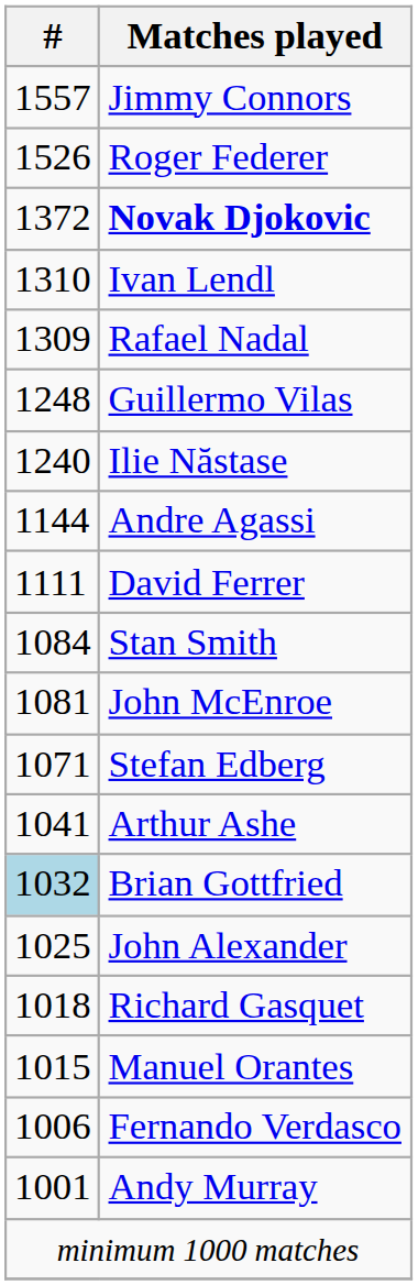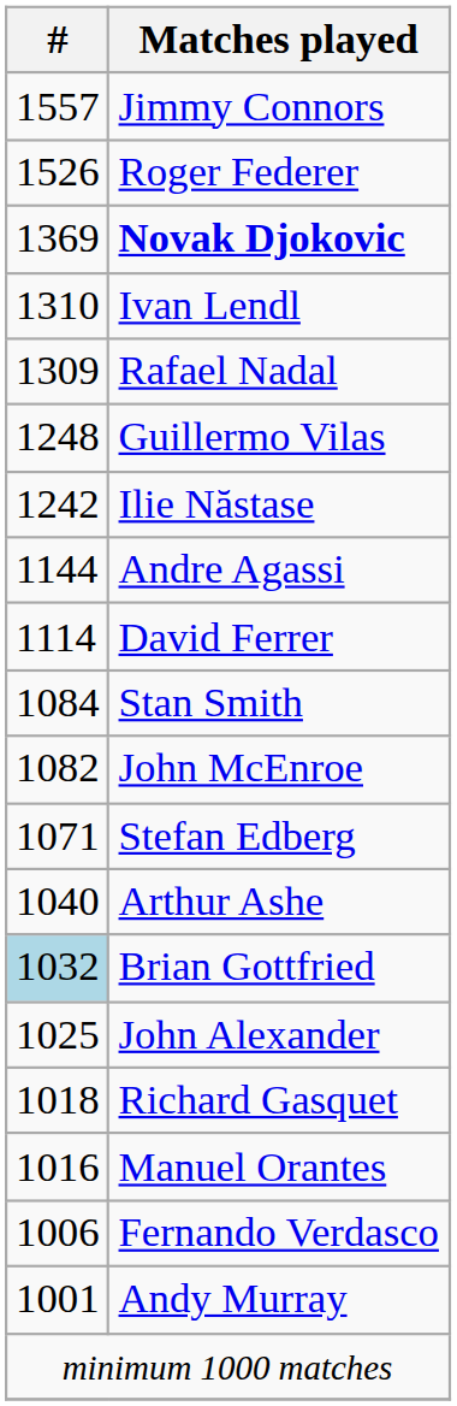 <table class="wikitable" style="display:inline-table;">
 <tr>
 <th>#</th>
 <th>Matches played</th>
 </tr>
 <tr>
 <td>1557</td>
 <td> <a href='#'>Jimmy Connors</a></td>
 </tr>
 <tr>
 <td>1526</td>
 <td> <a href='#'>Roger Federer</a></td>
 </tr>
 <tr>
-<td>1372</td>
+<td>1369</td>
 <td> <strong><a href='#'>Novak Djokovic</a></strong></td>
 </tr>
 <tr>
 <td>1310</td>
 <td> <a href='#'>Ivan Lendl</a></td>
 </tr>
 <tr>
 <td>1309</td>
 <td> <a href='#'>Rafael Nadal</a></td>
 </tr>
 <tr>
 <td>1248</td>
 <td> <a href='#'>Guillermo Vilas</a></td>
 </tr>
 <tr>
-<td>1240</td>
+<td>1242</td>
 <td> <a href='#'>Ilie Năstase</a></td>
 </tr>
 <tr>
 <td>1144</td>
 <td> <a href='#'>Andre Agassi</a></td>
 </tr>
 <tr>
-<td>1111</td>
+<td>1114</td>
 <td> <a href='#'>David Ferrer</a></td>
 </tr>
 <tr>
 <td>1084</td>
 <td> <a href='#'>Stan Smith</a></td>
 </tr>
 <tr>
-<td>1081</td>
+<td>1082</td>
 <td> <a href='#'>John McEnroe</a></td>
 </tr>
 <tr>
 <td>1071</td>
 <td> <a href='#'>Stefan Edberg</a></td>
 </tr>
 <tr>
-<td>1041</td>
+<td>1040</td>
 <td> <a href='#'>Arthur Ashe</a></td>
 </tr>
 <tr>
 <td style="background: lightblue;">1032</td>
 <td> <a href='#'>Brian Gottfried</a></td>
 </tr>
 <tr>
 <td>1025</td>
 <td> <a href='#'>John Alexander</a></td>
 </tr>
 <tr>
 <td>1018</td>
 <td> <a href='#'>Richard Gasquet</a></td>
 </tr>
 <tr>
-<td>1015</td>
+<td>1016</td>
 <td> <a href='#'>Manuel Orantes</a></td>
 </tr>
 <tr>
 <td>1006</td>
 <td> <a href='#'>Fernando Verdasco</a></td>
 </tr>
 <tr>
 <td>1001</td>
 <td> <a href='#'>Andy Murray</a></td>
 </tr>
 <tr>
 <td colspan="3" style="text-align: center;"><small><em>minimum 1000 matches</em></small></td>
 </tr>
 <tr>
 </tr>
 </table>
